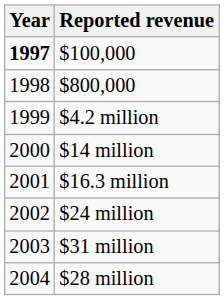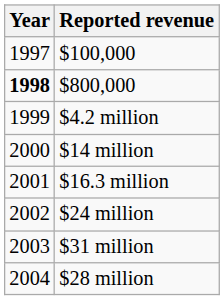 <table class="wikitable" style="float: left;">
 <tr>
 <th>Year</th>
 <th>Reported revenue</th>
 </tr>
 <tr>
-<td><strong>1997</strong></td>
+<td>1997</td>
 <td>$100,000</td>
 </tr>
 <tr>
-<td>1998</td>
+<td><strong>1998</strong></td>
 <td>$800,000</td>
 </tr>
 <tr>
 <td>1999</td>
 <td>$4.2 million</td>
 </tr>
 <tr>
 <td>2000</td>
 <td>$14 million</td>
 </tr>
 <tr>
 <td>2001</td>
 <td>$16.3 million</td>
 </tr>
 <tr>
 <td>2002</td>
 <td>$24 million</td>
 </tr>
 <tr>
 <td>2003</td>
 <td>$31 million</td>
 </tr>
 <tr>
 <td>2004</td>
 <td>$28 million</td>
 </tr>
 </table>
